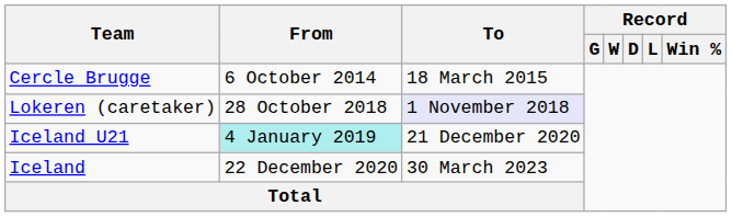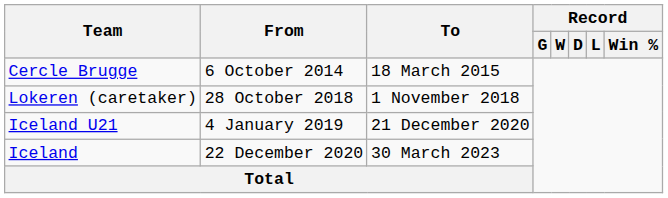 <table class="wikitable" style="text-align: center;">
 <tr>
 <th rowspan="2">Team</th>
 <th rowspan="2">From</th>
 <th rowspan="2">To</th>
 <th colspan="5">Record</th>
 </tr>
 <tr>
 <th>G</th>
 <th>W</th>
 <th>D</th>
 <th>L</th>
 <th>Win %</th>
 </tr>
 <tr>
 <td align=left><a href='#'>Cercle Brugge</a></td>
 <td align=left>6 October 2014</td>
 <td align=left>18 March 2015<br></td>
 </tr>
 <tr>
 <td align=left><a href='#'>Lokeren</a> (caretaker)</td>
 <td align=left>28 October 2018</td>
-<td align=left style="background: lavender;">1 November 2018<br></td>
+<td align=left>1 November 2018<br></td>
 </tr>
 <tr>
 <td align=left><a href='#'>Iceland U21</a></td>
-<td align=left style="background: paleturquoise;">4 January 2019</td>
+<td align=left>4 January 2019</td>
 <td align=left>21 December 2020<br></td>
 </tr>
 <tr>
 <td align=left><a href='#'>Iceland</a></td>
 <td align=left>22 December 2020</td>
 <td align=left>30 March 2023<br></td>
 </tr>
 <tr>
 <th colspan="3">Total<br></th>
 </tr>
 </table>
